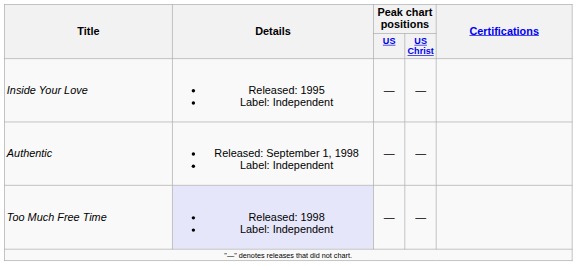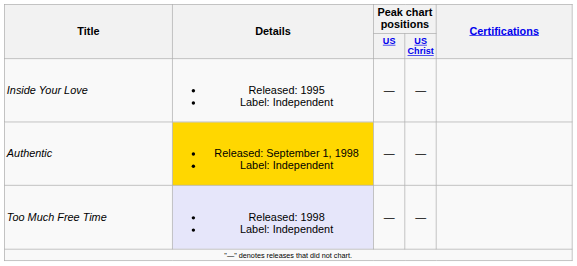 <table class="wikitable plainrowheaders" style="text-align:center;">
 <tr>
 <th rowspan="2" style="width:15em;">Title</th>
 <th rowspan="2" style="width:18em;">Details</th>
 <th colspan="2">Peak chart positions</th>
 <th rowspan="2" style="width:12em;"><a href='#'>Certifications</a></th>
 </tr>
 <tr style="font-size:smaller;">
 <th style="width:40px;"><a href='#'>US</a><br><br></th>
 <th style="width:40px;"><a href='#'>US<br>Christ</a><br></th>
 </tr>
 <tr>
 <td align="left"><em>Inside Your Love</em></td>
 <td><br><ul><li>Released: 1995</li><li>Label: Independent</li></ul></td>
 <td>—</td>
 <td>—</td>
 <td></td>
 </tr>
 <tr>
 <td align="left"><em>Authentic</em></td>
-<td><br><ul><li>Released: September 1, 1998</li><li>Label: Independent</li></ul></td>
+<td style="background: gold;"><br><ul><li>Released: September 1, 1998</li><li>Label: Independent</li></ul></td>
 <td>—</td>
 <td>—</td>
 <td></td>
 </tr>
 <tr>
 <td align="left"><em>Too Much Free Time</em><br></td>
 <td style="background: lavender;"><br><ul><li>Released: 1998</li><li>Label: Independent</li></ul></td>
 <td>—</td>
 <td>—</td>
 <td></td>
 </tr>
 <tr>
 <td align="center" colspan="30" style="font-size: 8pt">"—" denotes releases that did not chart.</td>
 </tr>
 </table>
